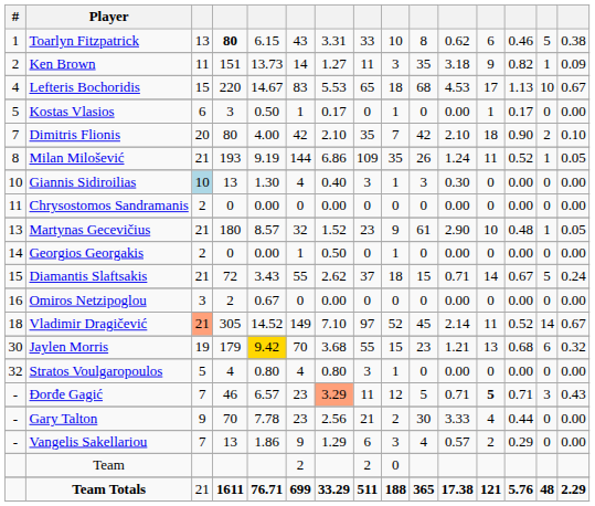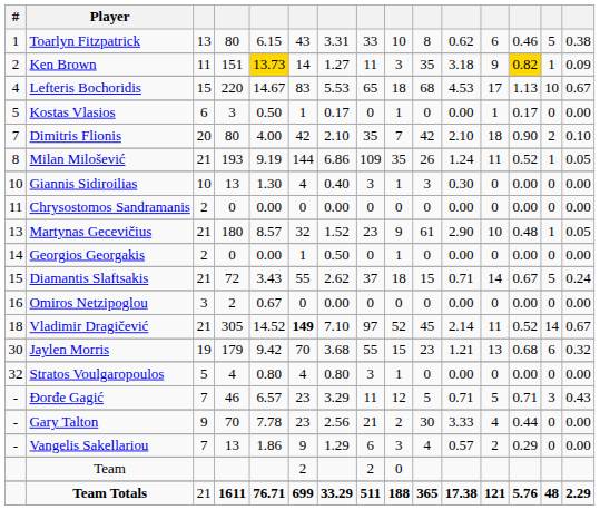 <table class="wikitable sortable" style="font-size:90%; text-align:center;">
 <tr>
 <th>#</th>
 <th>Player</th>
 <th></th>
 <th></th>
 <th></th>
 <th></th>
 <th></th>
 <th></th>
 <th></th>
 <th></th>
 <th></th>
 <th></th>
 <th></th>
 <th></th>
 <th></th>
 </tr>
 <tr>
 <td>1</td>
 <td align="left"> <a href='#'>Toarlyn Fitzpatrick</a></td>
 <td>13</td>
-<td><strong>80</strong></td>
+<td>80</td>
 <td>6.15</td>
 <td>43</td>
 <td>3.31</td>
 <td>33</td>
 <td>10</td>
 <td>8</td>
 <td>0.62</td>
 <td>6</td>
 <td>0.46</td>
 <td>5</td>
 <td>0.38</td>
 </tr>
 <tr>
 </tr>
 <tr>
 <td>2</td>
 <td align="left"> <a href='#'>Ken Brown</a></td>
 <td>11</td>
 <td>151</td>
-<td>13.73</td>
+<td style="background: gold;">13.73</td>
 <td>14</td>
 <td>1.27</td>
 <td>11</td>
 <td>3</td>
 <td>35</td>
 <td>3.18</td>
 <td>9</td>
-<td>0.82</td>
+<td style="background: gold;">0.82</td>
 <td>1</td>
 <td>0.09</td>
 </tr>
 <tr>
 </tr>
 <tr>
 <td>4</td>
 <td align="left"> <a href='#'>Lefteris Bochoridis</a></td>
 <td>15</td>
 <td>220</td>
 <td>14.67</td>
 <td>83</td>
 <td>5.53</td>
 <td>65</td>
 <td>18</td>
 <td>68</td>
 <td>4.53</td>
 <td>17</td>
 <td>1.13</td>
 <td>10</td>
 <td>0.67</td>
 </tr>
 <tr>
 </tr>
 <tr>
 <td>5</td>
 <td align="left"> <a href='#'>Kostas Vlasios</a></td>
 <td>6</td>
 <td>3</td>
 <td>0.50</td>
 <td>1</td>
 <td>0.17</td>
 <td>0</td>
 <td>1</td>
 <td>0</td>
 <td>0.00</td>
 <td>1</td>
 <td>0.17</td>
 <td>0</td>
 <td>0.00</td>
 </tr>
 <tr>
 </tr>
 <tr>
 <td>7</td>
 <td align="left"> <a href='#'>Dimitris Flionis</a></td>
 <td>20</td>
 <td>80</td>
 <td>4.00</td>
 <td>42</td>
 <td>2.10</td>
 <td>35</td>
 <td>7</td>
 <td>42</td>
 <td>2.10</td>
 <td>18</td>
 <td>0.90</td>
 <td>2</td>
 <td>0.10</td>
 </tr>
 <tr>
 </tr>
 <tr>
 <td>8</td>
 <td align="left"> <a href='#'>Milan Milošević</a></td>
 <td>21</td>
 <td>193</td>
 <td>9.19</td>
 <td>144</td>
 <td>6.86</td>
 <td>109</td>
 <td>35</td>
 <td>26</td>
 <td>1.24</td>
 <td>11</td>
 <td>0.52</td>
 <td>1</td>
 <td>0.05</td>
 </tr>
 <tr>
 </tr>
 <tr>
 <td>10</td>
 <td align="left"> <a href='#'>Giannis Sidiroilias</a></td>
-<td style="background: lightblue;">10</td>
+<td>10</td>
 <td>13</td>
 <td>1.30</td>
 <td>4</td>
 <td>0.40</td>
 <td>3</td>
 <td>1</td>
 <td>3</td>
 <td>0.30</td>
 <td>0</td>
 <td>0.00</td>
 <td>0</td>
 <td>0.00</td>
 </tr>
 <tr>
 </tr>
 <tr>
 <td>11</td>
 <td align="left"> <a href='#'>Chrysostomos Sandramanis</a></td>
 <td>2</td>
 <td>0</td>
 <td>0.00</td>
 <td>0</td>
 <td>0.00</td>
 <td>0</td>
 <td>0</td>
 <td>0</td>
 <td>0.00</td>
 <td>0</td>
 <td>0.00</td>
 <td>0</td>
 <td>0.00</td>
 </tr>
 <tr>
 </tr>
 <tr>
 <td>13</td>
 <td align="left"> <a href='#'>Martynas Gecevičius</a></td>
 <td>21</td>
 <td>180</td>
 <td>8.57</td>
 <td>32</td>
 <td>1.52</td>
 <td>23</td>
 <td>9</td>
 <td>61</td>
 <td>2.90</td>
 <td>10</td>
 <td>0.48</td>
 <td>1</td>
 <td>0.05</td>
 </tr>
 <tr>
 </tr>
 <tr>
 <td>14</td>
 <td align="left"> <a href='#'>Georgios Georgakis</a></td>
 <td>2</td>
 <td>0</td>
 <td>0.00</td>
 <td>1</td>
 <td>0.50</td>
 <td>0</td>
 <td>1</td>
 <td>0</td>
 <td>0.00</td>
 <td>0</td>
 <td>0.00</td>
 <td>0</td>
 <td>0.00</td>
 </tr>
 <tr>
 </tr>
 <tr>
 <td>15</td>
 <td align="left"> <a href='#'>Diamantis Slaftsakis</a></td>
 <td>21</td>
 <td>72</td>
 <td>3.43</td>
 <td>55</td>
 <td>2.62</td>
 <td>37</td>
 <td>18</td>
 <td>15</td>
 <td>0.71</td>
 <td>14</td>
 <td>0.67</td>
 <td>5</td>
 <td>0.24</td>
 </tr>
 <tr>
 </tr>
 <tr>
 <td>16</td>
 <td align="left"> <a href='#'>Omiros Netzipoglou</a></td>
 <td>3</td>
 <td>2</td>
 <td>0.67</td>
 <td>0</td>
 <td>0.00</td>
 <td>0</td>
 <td>0</td>
 <td>0</td>
 <td>0.00</td>
 <td>0</td>
 <td>0.00</td>
 <td>0</td>
 <td>0.00</td>
 </tr>
 <tr>
 </tr>
 <tr>
 <td>18</td>
 <td align="left"> <a href='#'>Vladimir Dragičević</a></td>
-<td style="background: lightsalmon;">21</td>
+<td>21</td>
 <td>305</td>
 <td>14.52</td>
-<td>149</td>
+<td><strong>149</strong></td>
 <td>7.10</td>
 <td>97</td>
 <td>52</td>
 <td>45</td>
 <td>2.14</td>
 <td>11</td>
 <td>0.52</td>
 <td>14</td>
 <td>0.67</td>
 </tr>
 <tr>
 </tr>
 <tr>
 <td>30</td>
 <td align="left"> <a href='#'>Jaylen Morris</a></td>
 <td>19</td>
 <td>179</td>
-<td style="background: gold;">9.42</td>
+<td>9.42</td>
 <td>70</td>
 <td>3.68</td>
 <td>55</td>
 <td>15</td>
 <td>23</td>
 <td>1.21</td>
 <td>13</td>
 <td>0.68</td>
 <td>6</td>
 <td>0.32</td>
 </tr>
 <tr>
 </tr>
 <tr>
 <td>32</td>
 <td align="left"> <a href='#'>Stratos Voulgaropoulos</a></td>
 <td>5</td>
 <td>4</td>
 <td>0.80</td>
 <td>4</td>
 <td>0.80</td>
 <td>3</td>
 <td>1</td>
 <td>0</td>
 <td>0.00</td>
 <td>0</td>
 <td>0.00</td>
 <td>0</td>
 <td>0.00</td>
 </tr>
 <tr>
 </tr>
 <tr>
 <td>-</td>
 <td align="left"> <a href='#'>Đorđe Gagić</a></td>
 <td>7</td>
 <td>46</td>
 <td>6.57</td>
 <td>23</td>
-<td style="background: lightsalmon;">3.29</td>
+<td>3.29</td>
 <td>11</td>
 <td>12</td>
 <td>5</td>
 <td>0.71</td>
-<td><strong>5</strong></td>
+<td>5</td>
 <td>0.71</td>
 <td>3</td>
 <td>0.43</td>
 </tr>
 <tr>
 </tr>
 <tr>
 <td>-</td>
 <td align="left"> <a href='#'>Gary Talton</a></td>
 <td>9</td>
 <td>70</td>
 <td>7.78</td>
 <td>23</td>
 <td>2.56</td>
 <td>21</td>
 <td>2</td>
 <td>30</td>
 <td>3.33</td>
 <td>4</td>
 <td>0.44</td>
 <td>0</td>
 <td>0.00</td>
 </tr>
 <tr>
 </tr>
 <tr>
 <td>-</td>
 <td align="left"> <a href='#'>Vangelis Sakellariou</a></td>
 <td>7</td>
 <td>13</td>
 <td>1.86</td>
 <td>9</td>
 <td>1.29</td>
 <td>6</td>
 <td>3</td>
 <td>4</td>
 <td>0.57</td>
 <td>2</td>
 <td>0.29</td>
 <td>0</td>
 <td>0.00</td>
 </tr>
 <tr>
 </tr>
 <tr>
 <td></td>
 <td>Team</td>
 <td></td>
 <td></td>
 <td></td>
 <td>2</td>
 <td></td>
 <td>2</td>
 <td>0</td>
 <td></td>
 <td></td>
 <td></td>
 <td></td>
 <td></td>
 <td></td>
 </tr>
 <tr>
 </tr>
 <tr>
 <td></td>
 <td><strong>Team Totals</strong></td>
 <td>21</td>
 <td><strong>1611</strong></td>
 <td><strong>76.71</strong></td>
 <td><strong>699</strong></td>
 <td><strong>33.29</strong></td>
 <td><strong>511</strong></td>
 <td><strong>188</strong></td>
 <td><strong>365</strong></td>
 <td><strong>17.38</strong></td>
 <td><strong>121</strong></td>
 <td><strong>5.76</strong></td>
 <td><strong>48</strong></td>
 <td><strong>2.29</strong></td>
 </tr>
 <tr>
 </tr>
 </table>
